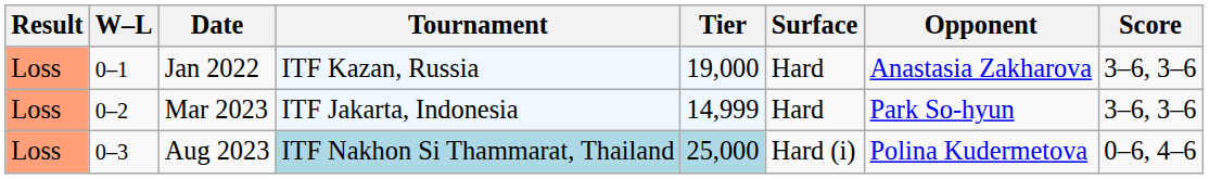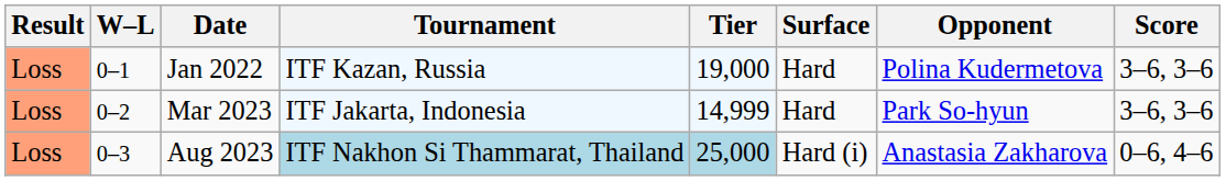 <table class="sortable wikitable">
 <tr>
 <th>Result</th>
 <th class="unsortable">W–L</th>
 <th>Date</th>
 <th>Tournament</th>
 <th>Tier</th>
 <th>Surface</th>
 <th>Opponent</th>
 <th class="unsortable">Score</th>
 </tr>
 <tr>
 <td bgcolor=#ffa07a>Loss</td>
 <td><small>0–1</small></td>
 <td>Jan 2022</td>
 <td bgcolor="#f0f8ff">ITF Kazan, Russia</td>
 <td bgcolor="#f0f8ff">19,000</td>
 <td>Hard</td>
-<td> <a href='#'>Anastasia Zakharova</a></td>
+<td> <a href='#'>Polina Kudermetova</a></td>
 <td>3–6, 3–6</td>
 </tr>
 <tr>
 <td bgcolor=#ffa07a>Loss</td>
 <td><small>0–2</small></td>
 <td>Mar 2023</td>
 <td style="background:#f0f8ff;">ITF Jakarta, Indonesia</td>
 <td style="background:#f0f8ff;">14,999</td>
 <td>Hard</td>
 <td> <a href='#'>Park So-hyun</a></td>
 <td>3–6, 3–6</td>
 </tr>
 <tr>
 <td bgcolor=#ffa07a>Loss</td>
 <td><small>0–3</small></td>
 <td>Aug 2023</td>
 <td style="background:lightblue">ITF Nakhon Si Thammarat, Thailand</td>
 <td style="background:lightblue">25,000</td>
 <td>Hard (i)</td>
-<td> <a href='#'>Polina Kudermetova</a></td>
+<td> <a href='#'>Anastasia Zakharova</a></td>
 <td>0–6, 4–6</td>
 </tr>
 </table>
